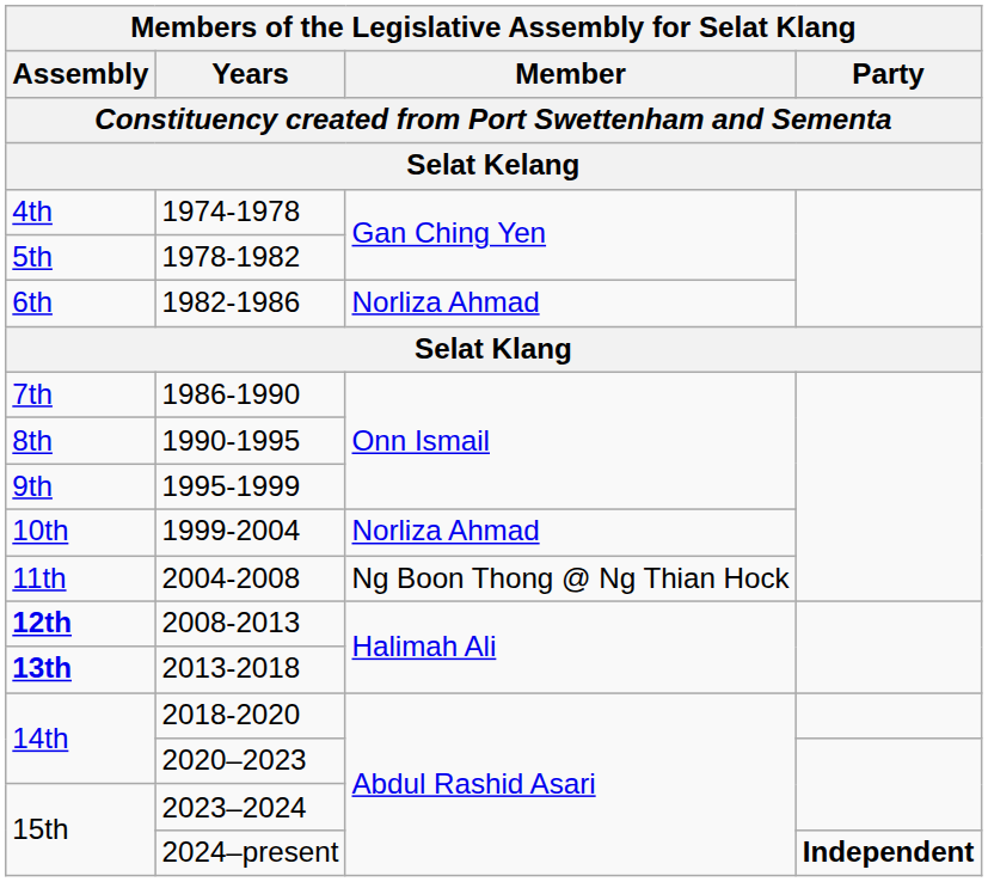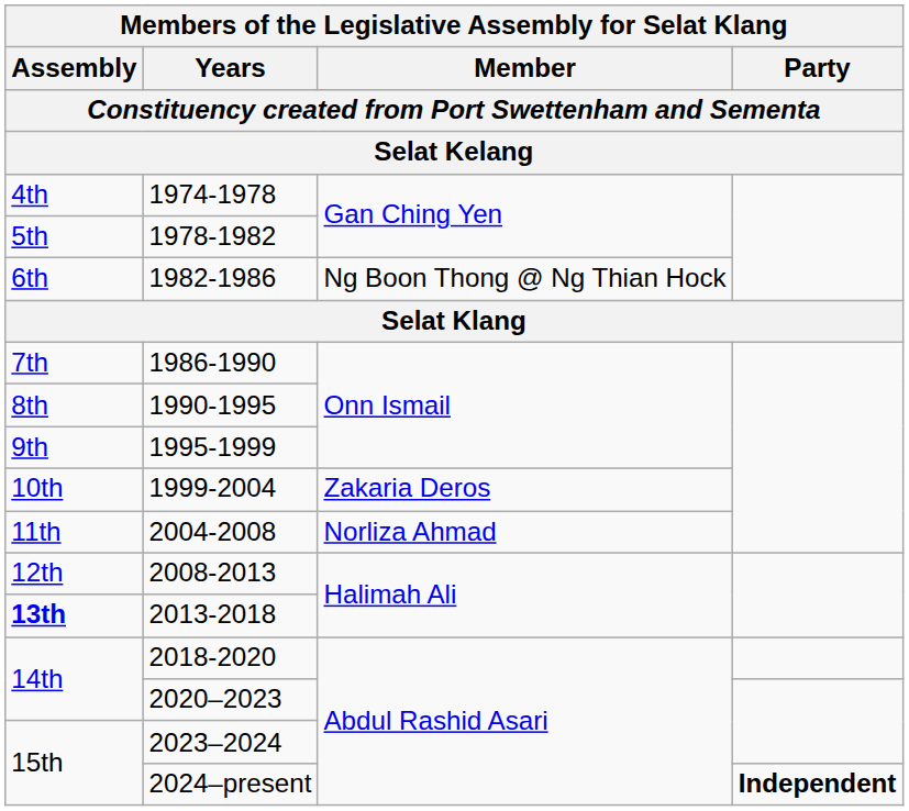 <table class=wikitable>
 <tr>
 <th colspan=4>Members of the Legislative Assembly for Selat Klang</th>
 </tr>
 <tr>
 <th>Assembly</th>
 <th>Years</th>
 <th>Member</th>
 <th>Party</th>
 </tr>
 <tr>
 <th colspan=4 align=center><em>Constituency created from Port Swettenham and Sementa</em></th>
 </tr>
 <tr>
 <th colspan=4 align=center>Selat Kelang</th>
 </tr>
 <tr>
 <td><a href='#'>4th</a></td>
 <td>1974-1978</td>
 <td rowspan=2><a href='#'>Gan Ching Yen</a></td>
 <td rowspan=3></td>
 </tr>
 <tr>
 <td><a href='#'>5th</a></td>
 <td>1978-1982</td>
 </tr>
 <tr>
 <td><a href='#'>6th</a></td>
 <td>1982-1986</td>
-<td><a href='#'>Norliza Ahmad</a></td>
+<td>Ng Boon Thong @ Ng Thian Hock</td>
 </tr>
 <tr>
 <th colspan=4 align=center>Selat Klang</th>
 </tr>
 <tr>
 <td><a href='#'>7th</a></td>
 <td>1986-1990</td>
 <td rowspan=3><a href='#'>Onn Ismail</a></td>
 <td rowspan=5></td>
 </tr>
 <tr>
 <td><a href='#'>8th</a></td>
 <td>1990-1995</td>
 </tr>
 <tr>
 <td><a href='#'>9th</a></td>
 <td>1995-1999</td>
 </tr>
 <tr>
 <td><a href='#'>10th</a></td>
 <td>1999-2004</td>
-<td><a href='#'>Norliza Ahmad</a></td>
+<td><a href='#'>Zakaria Deros</a></td>
 </tr>
 <tr>
 <td><a href='#'>11th</a></td>
 <td>2004-2008</td>
-<td>Ng Boon Thong @ Ng Thian Hock</td>
+<td><a href='#'>Norliza Ahmad</a></td>
 </tr>
 <tr>
-<td><strong><a href='#'>12th</a></strong></td>
+<td><a href='#'>12th</a></td>
 <td>2008-2013</td>
 <td rowspan=2><a href='#'>Halimah Ali</a></td>
 <td rowspan=2></td>
 </tr>
 <tr>
 <td><strong><a href='#'>13th</a></strong></td>
 <td>2013-2018</td>
 </tr>
 <tr>
 <td rowspan="2"><a href='#'>14th</a></td>
 <td>2018-2020</td>
 <td rowspan="4"><a href='#'>Abdul Rashid Asari</a></td>
 <td></td>
 </tr>
 <tr>
 <td>2020–2023</td>
 <td rowspan="2"></td>
 </tr>
 <tr>
 <td rowspan="2">15th</td>
 <td>2023–2024</td>
 </tr>
 <tr>
 <td>2024–present</td>
 <td><strong>Independent</strong></td>
 </tr>
 </table>
